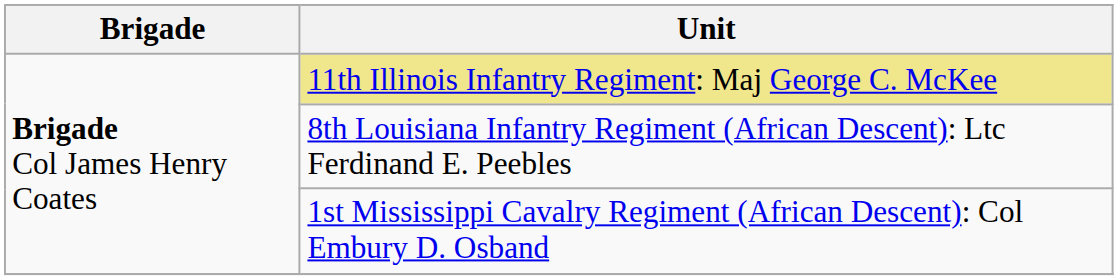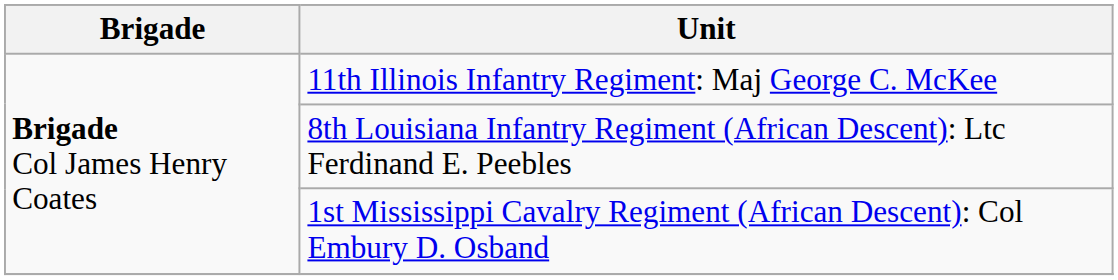 <table class="wikitable" style="text-align:left; width:45%;">
 <tr>
 <th width=12%>Brigade</th>
 <th width=33%>Unit</th>
 </tr>
 <tr>
 <td rowspan=3><strong>Brigade</strong><br>Col James Henry Coates</td>
-<td style="background: khaki;"><a href='#'>11th Illinois Infantry Regiment</a>: Maj <a href='#'>George C. McKee</a></td>
+<td><a href='#'>11th Illinois Infantry Regiment</a>: Maj <a href='#'>George C. McKee</a></td>
 </tr>
 <tr>
 <td><a href='#'>8th Louisiana Infantry Regiment (African Descent)</a>: Ltc Ferdinand E. Peebles</td>
 </tr>
 <tr>
 <td><a href='#'>1st Mississippi Cavalry Regiment (African Descent)</a>: Col <a href='#'>Embury D. Osband</a></td>
 </tr>
 <tr>
 </tr>
 </table>
